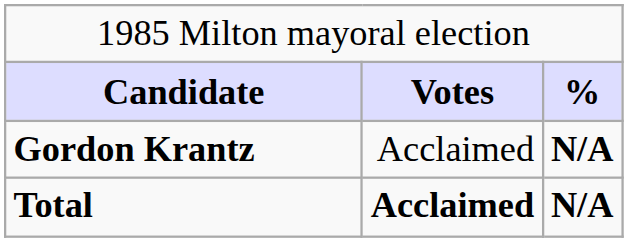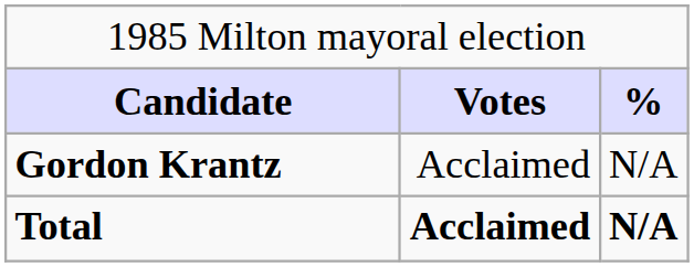 <table class="wikitable sortable">
 <tr>
 <td colspan="3" style="text-align:center;">1985 Milton mayoral election</td>
 </tr>
 <tr>
 <th style="background:#ddf; width:150px;">Candidate</th>
 <th style="background:#ddf;">Votes</th>
 <th style="background:#ddf;">%</th>
 </tr>
 <tr>
 <td><strong>Gordon Krantz</strong></td>
 <td align=right>Acclaimed</td>
-<td align=right><strong>N/A</strong></td>
+<td align=right>N/A</td>
 </tr>
 <tr>
 <td><strong>Total</strong></td>
 <td align=right><strong>Acclaimed</strong></td>
 <td align=right><strong>N/A</strong></td>
 </tr>
 </table>
